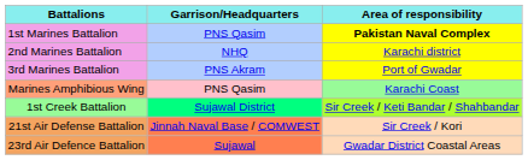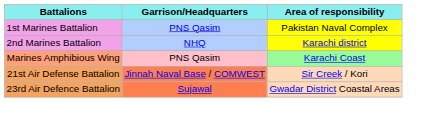 <table class="wikitable sortable">
 <tr>
 <th style="background:#88EEEE;">Battalions</th>
 <th style="background:#88EEEE;">Garrison/Headquarters</th>
 <th style="background:#88EEEE;">Area of responsibility</th>
 </tr>
 <tr>
 <td style="background:#f2a2e8;">1st Marines Battalion</td>
 <td style="background:#b2cefe;text-align:center;"><a href='#'>PNS Qasim</a></td>
-<td style="background:#FFFF00;text-align:center;"><strong>Pakistan Naval Complex</strong></td>
+<td style="background:#FFFF00;text-align:center;">Pakistan Naval Complex</td>
 </tr>
 <tr>
 <td style="background:#f2a2e8;">2nd Marines Battalion</td>
 <td style="background:#b2cefe;text-align:center;"><a href='#'>NHQ</a></td>
 <td style="background:#FFFF00;text-align:center;"><a href='#'>Karachi district</a></td>
 </tr>
 <tr>
-<td style="background:#f2a2e8;">3rd Marines Battalion</td>
-<td style="background:#b2cefe;text-align:center;"><a href='#'>PNS Akram</a></td>
-<td style="background:#FFFF00;text-align:center;"><a href='#'>Port of Gwadar</a></td>
-</tr>
-<tr>
 <td style="background:#FFA07A ;text-align:center;">Marines Amphibious Wing</td>
 <td style="background:#FFC0CB ;text-align:center;">PNS Qasim</td>
 <td style="background:#98FB98;text-align:center;"><a href='#'>Karachi Coast</a></td>
-</tr>
-<tr>
-<td style="background:#98FB98 ;text-align:center;">1st Creek Battalion</td>
-<td style="background:#00FF7F ;text-align:center;"><a href='#'>Sujawal District</a></td>
-<td style="background:#ADFF2F;text-align:center;"><a href='#'>Sir Creek</a> / <a href='#'>Keti Bandar</a> / <a href='#'>Shahbandar</a></td>
 </tr>
 <tr>
 <td style="background:#F4A460 ;text-align:center;">21st Air Defense Battalion</td>
 <td style="background:#FF7F50 ;text-align:center;"><a href='#'>Jinnah Naval Base</a> / <a href='#'>COMWEST</a></td>
 <td style="background:#FFDAB9 ;text-align:center;"><a href='#'>Sir Creek</a> / Kori</td>
 </tr>
 <tr>
 <td style="background:#F4A460 ;text-align:center;">23rd Air Defence Battalion</td>
 <td style="background:#FF7F50	 ;text-align:center;"><a href='#'>Sujawal</a></td>
 <td style="background:#FFDAB9 ;text-align:center;"><a href='#'>Gwadar District</a> Coastal Areas</td>
 </tr>
 </table>
